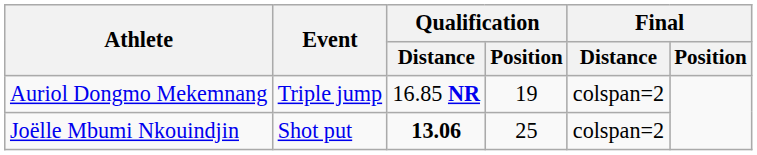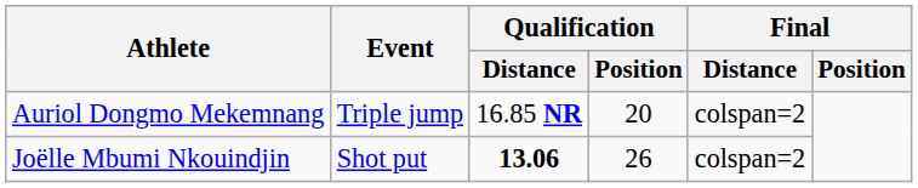 <table class=wikitable style="font-size:90%">
 <tr>
 <th rowspan="2">Athlete</th>
 <th rowspan="2">Event</th>
 <th colspan="2">Qualification</th>
 <th colspan="2">Final</th>
 </tr>
 <tr style="font-size:95%">
 <th>Distance</th>
 <th>Position</th>
 <th>Distance</th>
 <th>Position</th>
 </tr>
 <tr style=text-align:center>
 <td style=text-align:left><a href='#'>Auriol Dongmo Mekemnang</a></td>
 <td style=text-align:left><a href='#'>Triple jump</a></td>
 <td>16.85 <strong><a href='#'>NR</a></strong></td>
-<td>19</td>
+<td>20</td>
 <td>colspan=2 </td>
 </tr>
 <tr style=text-align:center>
 <td style=text-align:left><a href='#'>Joëlle Mbumi Nkouindjin</a></td>
 <td style=text-align:left><a href='#'>Shot put</a></td>
 <td><strong>13.06</strong></td>
-<td>25</td>
+<td>26</td>
 <td>colspan=2 </td>
 </tr>
 </table>
